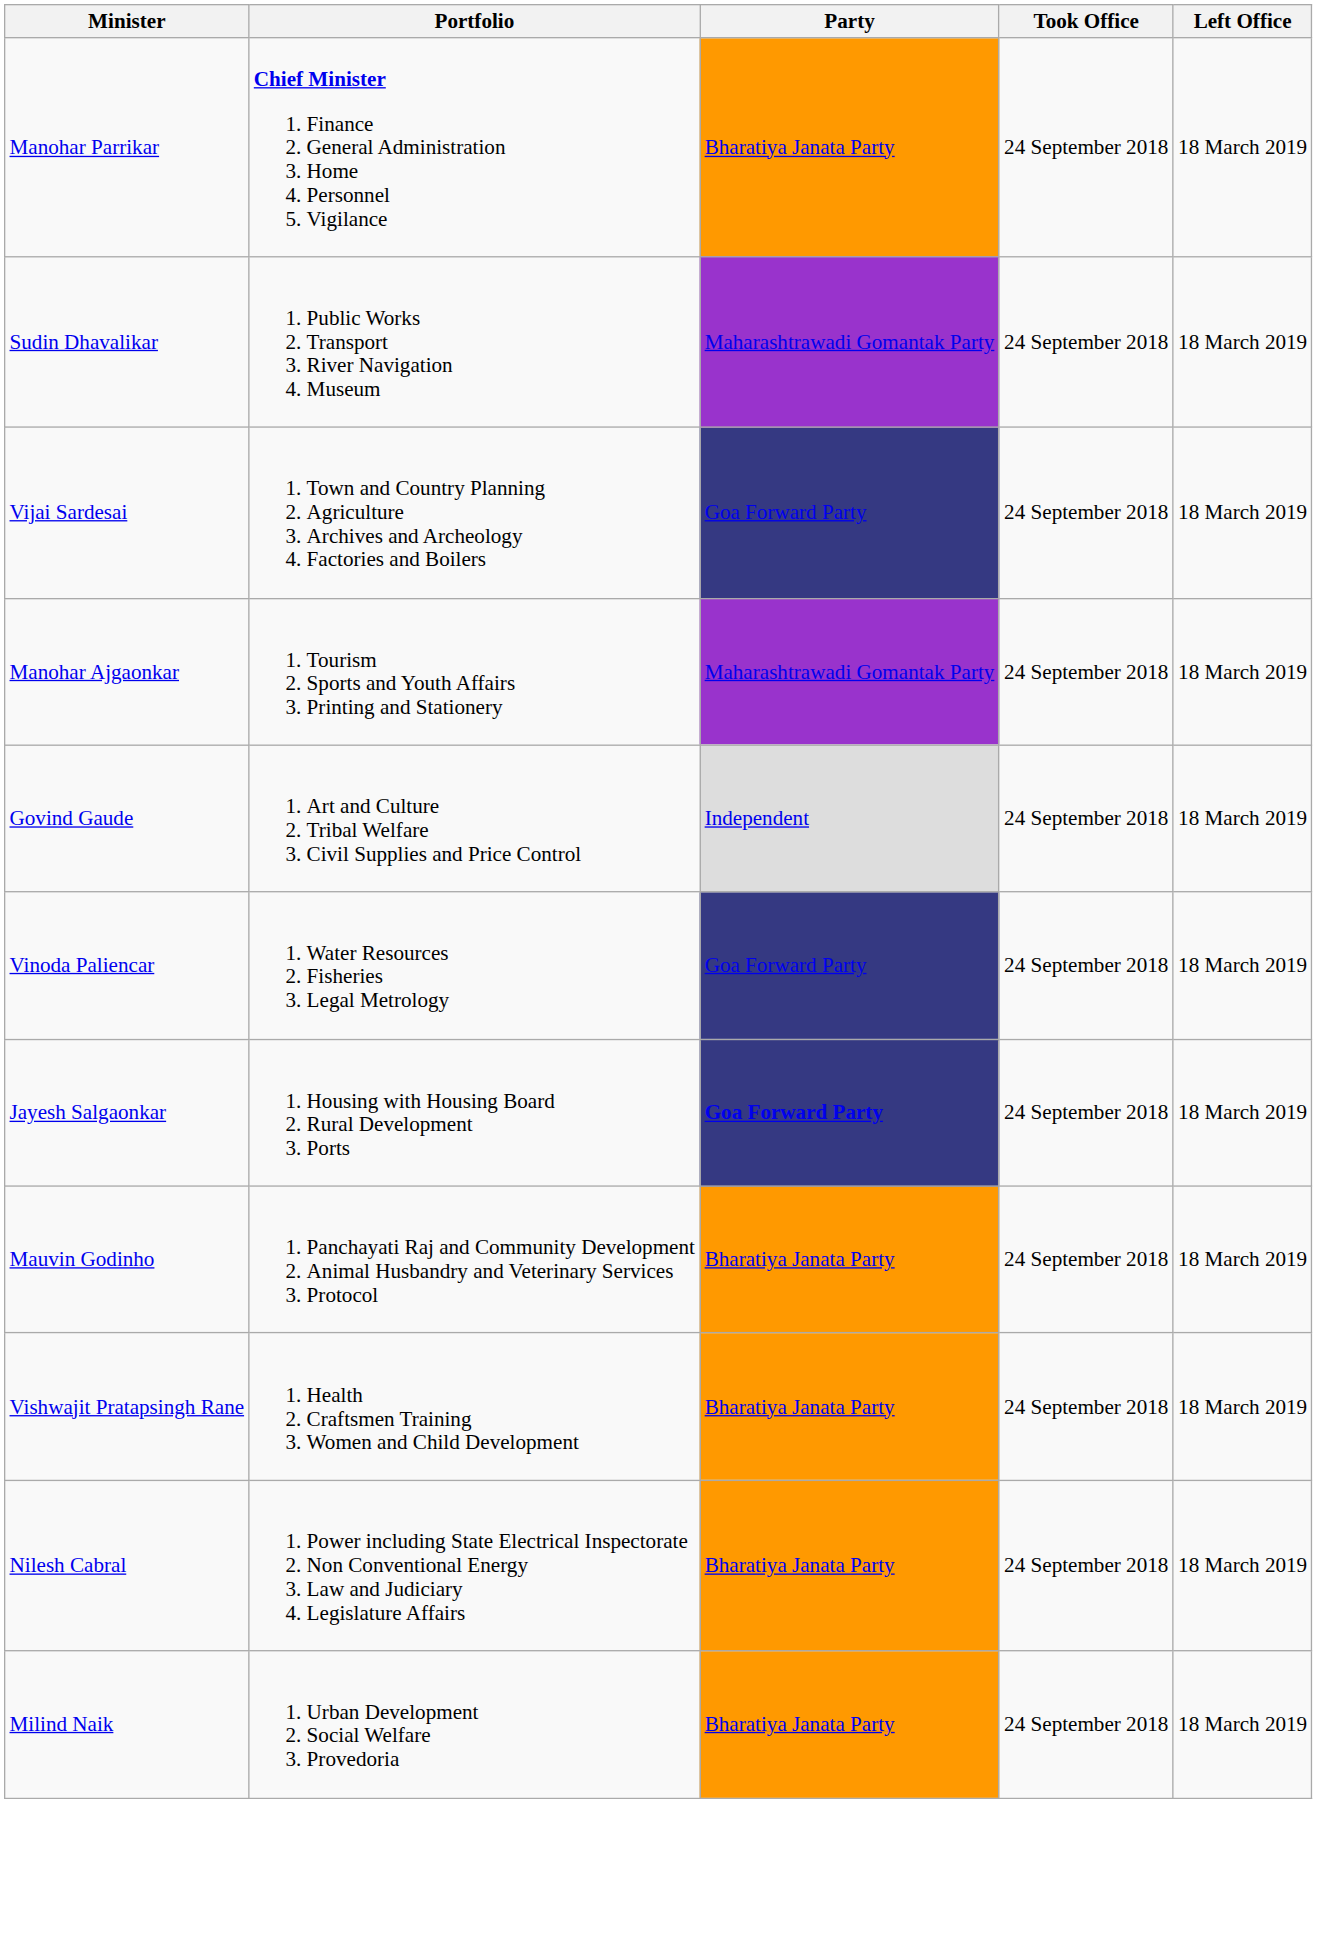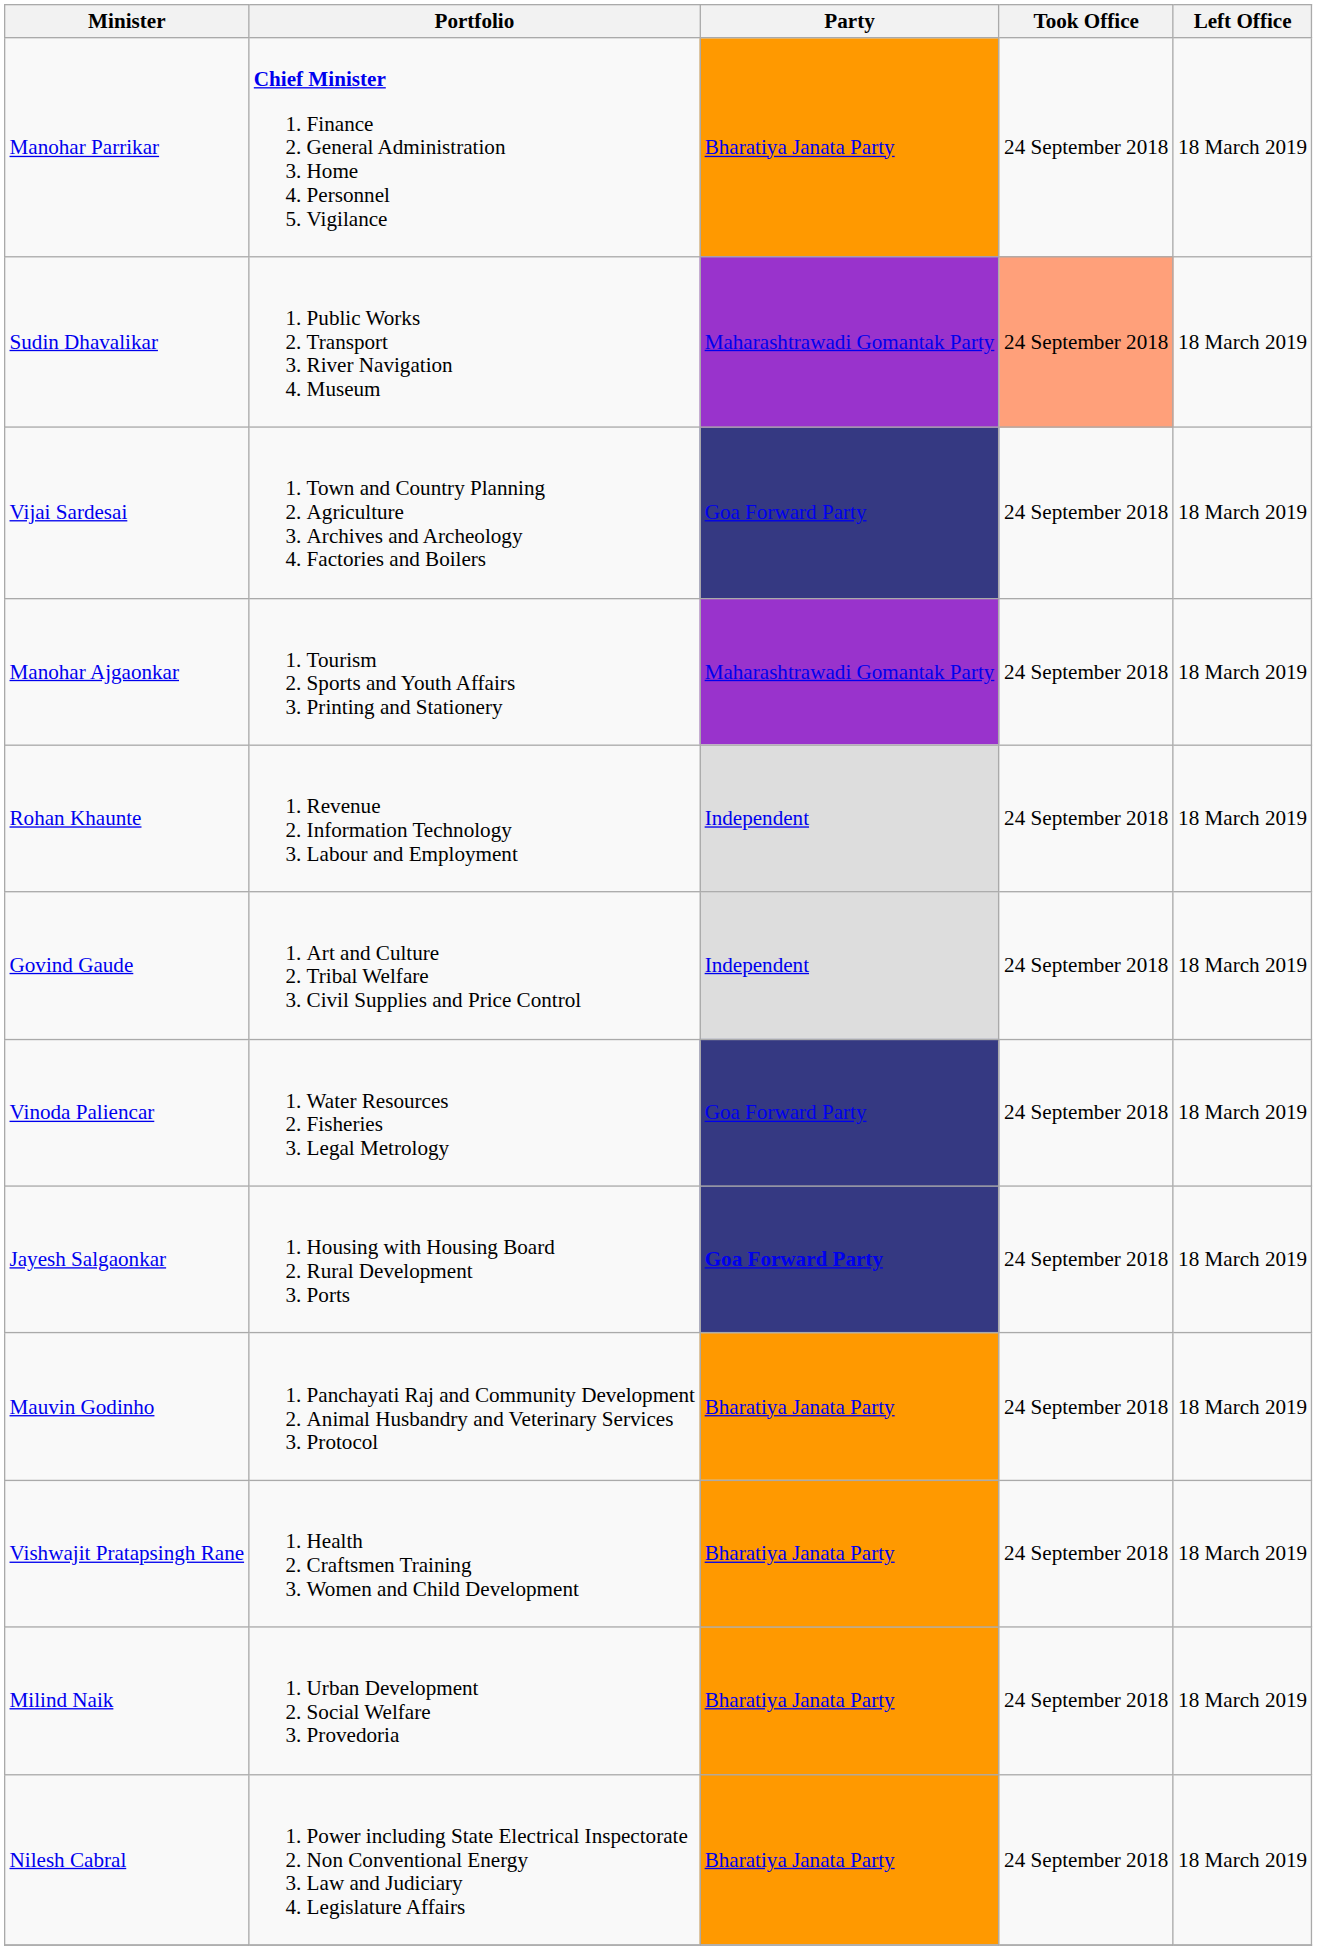 <table class="wikitable sortable">
 <tr>
 <th>Minister</th>
 <th>Portfolio</th>
 <th>Party</th>
 <th>Took Office</th>
 <th>Left Office</th>
 </tr>
 <tr>
 <td><a href='#'>Manohar Parrikar</a></td>
 <td><br><strong><a href='#'>Chief Minister</a></strong><ol><li>Finance</li><li>General Administration</li><li>Home</li><li>Personnel</li><li>Vigilance</li></ol></td>
 <td bgcolor=#FF9900><a href='#'>Bharatiya Janata Party</a></td>
 <td>24 September 2018</td>
 <td>18 March 2019</td>
 </tr>
 <tr>
 <td><a href='#'>Sudin Dhavalikar</a></td>
 <td><br><ol><li>Public Works</li><li>Transport</li><li>River Navigation</li><li>Museum</li></ol></td>
 <td bgcolor=#9933CC><a href='#'>Maharashtrawadi Gomantak Party</a></td>
-<td>24 September 2018</td>
+<td style="background: lightsalmon;">24 September 2018</td>
 <td>18 March 2019</td>
 </tr>
 <tr>
 <td><a href='#'>Vijai Sardesai</a></td>
 <td><br><ol><li>Town and Country Planning</li><li>Agriculture</li><li>Archives and Archeology</li><li>Factories and Boilers</li></ol></td>
 <td bgcolor=#353982><a href='#'>Goa Forward Party</a></td>
 <td>24 September 2018</td>
 <td>18 March 2019</td>
 </tr>
 <tr>
 <td><a href='#'>Manohar Ajgaonkar</a></td>
 <td><br><ol><li>Tourism</li><li>Sports and Youth Affairs</li><li>Printing and Stationery</li></ol></td>
 <td bgcolor=#9933CC><a href='#'>Maharashtrawadi Gomantak Party</a></td>
+<td>24 September 2018</td>
+<td>18 March 2019</td>
+</tr>
+<tr>
+<td><a href='#'>Rohan Khaunte</a></td>
+<td><br><ol><li>Revenue</li><li>Information Technology</li><li>Labour and Employment</li></ol></td>
+<td bgcolor=#DDDDDD><a href='#'>Independent</a></td>
 <td>24 September 2018</td>
 <td>18 March 2019</td>
 </tr>
 <tr>
 <td><a href='#'>Govind Gaude</a></td>
 <td><br><ol><li>Art and Culture</li><li>Tribal Welfare</li><li>Civil Supplies and Price Control</li></ol></td>
 <td bgcolor=#DDDDDD><a href='#'>Independent</a></td>
 <td>24 September 2018</td>
 <td>18 March 2019</td>
 </tr>
 <tr>
 <td><a href='#'>Vinoda Paliencar</a></td>
 <td><br><ol><li>Water Resources</li><li>Fisheries</li><li>Legal Metrology</li></ol></td>
 <td bgcolor=#353982><a href='#'>Goa Forward Party</a></td>
 <td>24 September 2018</td>
 <td>18 March 2019</td>
 </tr>
 <tr>
 <td><a href='#'>Jayesh Salgaonkar</a></td>
 <td><br><ol><li>Housing with Housing Board</li><li>Rural Development</li><li>Ports</li></ol></td>
 <td bgcolor=#353982><strong><a href='#'>Goa Forward Party</a></strong></td>
 <td>24 September 2018</td>
 <td>18 March 2019</td>
 </tr>
 <tr>
 <td><a href='#'>Mauvin Godinho</a></td>
 <td><br><ol><li>Panchayati Raj and Community Development</li><li>Animal Husbandry and Veterinary Services</li><li>Protocol</li></ol></td>
 <td bgcolor=#FF9900><a href='#'>Bharatiya Janata Party</a></td>
 <td>24 September 2018</td>
 <td>18 March 2019</td>
 </tr>
 <tr>
 <td><a href='#'>Vishwajit Pratapsingh Rane</a></td>
 <td><br><ol><li>Health</li><li>Craftsmen Training</li><li>Women and Child Development</li></ol></td>
 <td bgcolor=#FF9900><a href='#'>Bharatiya Janata Party</a></td>
 <td>24 September 2018</td>
 <td>18 March 2019</td>
 </tr>
 <tr>
+<td><a href='#'>Milind Naik</a></td>
+<td><br><ol><li>Urban Development</li><li>Social Welfare</li><li>Provedoria</li></ol></td>
+<td bgcolor=#FF9900><a href='#'>Bharatiya Janata Party</a></td>
+<td>24 September 2018</td>
+<td>18 March 2019</td>
+</tr>
+<tr>
 <td><a href='#'>Nilesh Cabral</a></td>
 <td><br><ol><li>Power including State Electrical Inspectorate</li><li>Non Conventional Energy</li><li>Law and Judiciary</li><li>Legislature Affairs</li></ol></td>
 <td bgcolor=#FF9900><a href='#'>Bharatiya Janata Party</a></td>
 <td>24 September 2018</td>
 <td>18 March 2019</td>
 </tr>
 <tr>
-<td><a href='#'>Milind Naik</a></td>
-<td><br><ol><li>Urban Development</li><li>Social Welfare</li><li>Provedoria</li></ol></td>
-<td bgcolor=#FF9900><a href='#'>Bharatiya Janata Party</a></td>
-<td>24 September 2018</td>
-<td>18 March 2019</td>
-</tr>
-<tr>
 </tr>
 </table>
